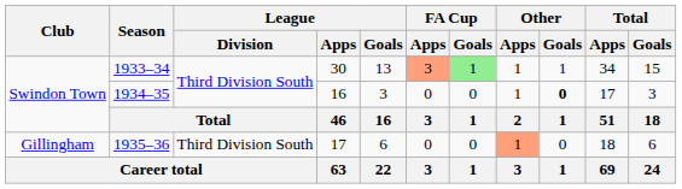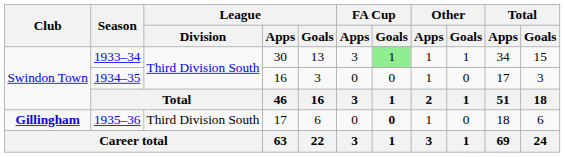 <table class="wikitable" style="text-align: center">
 <tr>
 <th rowspan="2">Club</th>
 <th rowspan="2">Season</th>
 <th colspan="3">League</th>
 <th colspan="2">FA Cup</th>
 <th colspan="2">Other</th>
 <th colspan="2">Total</th>
 </tr>
 <tr>
 <th>Division</th>
 <th>Apps</th>
 <th>Goals</th>
 <th>Apps</th>
 <th>Goals</th>
 <th>Apps</th>
 <th>Goals</th>
 <th>Apps</th>
 <th>Goals</th>
 </tr>
 <tr>
 <td rowspan="3"><a href='#'>Swindon Town</a></td>
 <td><a href='#'>1933–34</a></td>
 <td rowspan="2"><a href='#'>Third Division South</a></td>
 <td>30</td>
 <td>13</td>
-<td style="background: lightsalmon;">3</td>
+<td>3</td>
 <td style="background: lightgreen;">1</td>
 <td>1</td>
 <td>1</td>
 <td>34</td>
 <td>15</td>
 </tr>
 <tr>
 <td><a href='#'>1934–35</a></td>
 <td>16</td>
 <td>3</td>
 <td>0</td>
 <td>0</td>
 <td>1</td>
-<td><strong>0</strong></td>
+<td>0</td>
 <td>17</td>
 <td>3</td>
 </tr>
 <tr>
 <th colspan="2">Total</th>
 <th>46</th>
 <th>16</th>
 <th>3</th>
 <th>1</th>
 <th>2</th>
 <th>1</th>
 <th>51</th>
 <th>18</th>
 </tr>
 <tr>
-<td><a href='#'>Gillingham</a></td>
+<td><strong><a href='#'>Gillingham</a></strong></td>
 <td><a href='#'>1935–36</a></td>
 <td>Third Division South</td>
 <td>17</td>
 <td>6</td>
 <td>0</td>
-<td>0</td>
-<td style="background: lightsalmon;">1</td>
+<td><strong>0</strong></td>
+<td>1</td>
 <td>0</td>
 <td>18</td>
 <td>6</td>
 </tr>
 <tr>
 <th colspan="3">Career total</th>
 <th>63</th>
 <th>22</th>
 <th>3</th>
 <th>1</th>
 <th>3</th>
 <th>1</th>
 <th>69</th>
 <th>24</th>
 </tr>
 </table>
